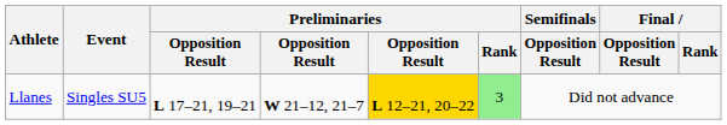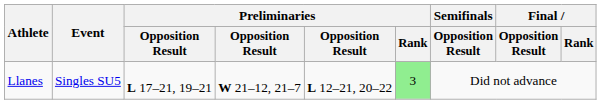 <table class=wikitable style="font-size:90%">
 <tr>
 <th rowspan="2">Athlete</th>
 <th rowspan="2">Event</th>
 <th colspan="4">Preliminaries</th>
 <th>Semifinals</th>
 <th colspan="2">Final / </th>
 </tr>
 <tr style="font-size:95%">
 <th>Opposition<br>Result</th>
 <th>Opposition<br>Result</th>
 <th>Opposition<br>Result</th>
 <th>Rank</th>
 <th>Opposition<br>Result</th>
 <th>Opposition<br>Result</th>
 <th>Rank</th>
 </tr>
 <tr align=center>
 <td align=left><a href='#'> Llanes</a></td>
 <td align=left><a href='#'>Singles SU5</a></td>
 <td><br><strong>L</strong> 17–21, 19–21</td>
 <td><br><strong>W</strong> 21–12, 21–7</td>
-<td style="background: gold;"><br><strong>L</strong> 12–21, 20–22</td>
+<td><br><strong>L</strong> 12–21, 20–22</td>
 <td style="background: lightgreen;">3</td>
 <td colspan=3>Did not advance</td>
 </tr>
 </table>
